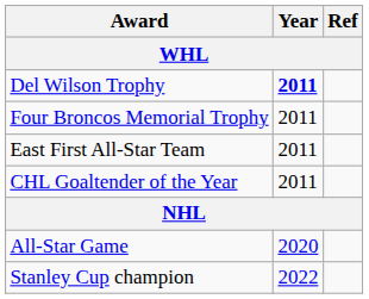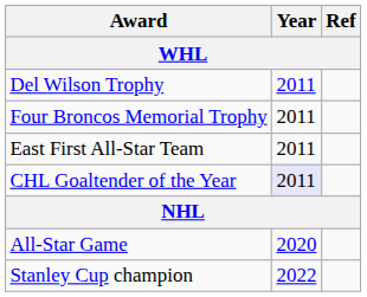 <table class="wikitable">
 <tr>
 <th>Award</th>
 <th>Year</th>
 <th>Ref</th>
 </tr>
 <tr>
 <th colspan="3"><a href='#'>WHL</a></th>
 </tr>
 <tr>
 <td><a href='#'>Del Wilson Trophy</a></td>
-<td><strong><a href='#'>2011</a></strong></td>
+<td><a href='#'>2011</a></td>
 <td></td>
 </tr>
 <tr>
 <td><a href='#'>Four Broncos Memorial Trophy</a></td>
 <td>2011</td>
 <td></td>
 </tr>
 <tr>
 <td>East First All-Star Team</td>
 <td>2011</td>
 <td></td>
 </tr>
 <tr>
 <td><a href='#'>CHL Goaltender of the Year</a></td>
-<td>2011</td>
+<td style="background: lavender;">2011</td>
 <td></td>
 </tr>
 <tr>
 <th colspan="3"><a href='#'>NHL</a></th>
 </tr>
 <tr>
 <td><a href='#'>All-Star Game</a></td>
 <td><a href='#'>2020</a></td>
 <td></td>
 </tr>
 <tr>
 <td><a href='#'>Stanley Cup</a> champion</td>
 <td><a href='#'>2022</a></td>
 <td></td>
 </tr>
 </table>
